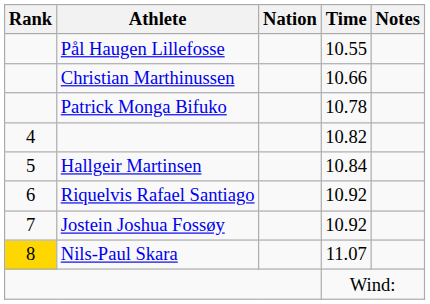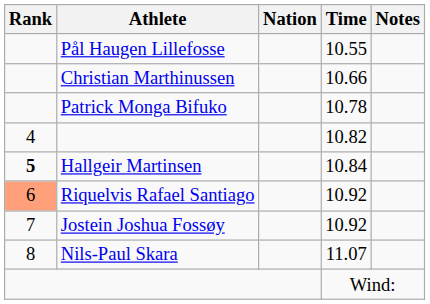 <table class="wikitable sortable" style="text-align:center;">
 <tr>
 <th scope="col" style="width: 10px;">Rank</th>
 <th scope="col">Athlete</th>
 <th scope="col">Nation</th>
 <th scope="col">Time</th>
 <th scope="col">Notes</th>
 </tr>
 <tr>
 <td></td>
 <td align=left><a href='#'>Pål Haugen Lillefosse</a></td>
 <td align=left></td>
 <td>10.55</td>
 <td></td>
 </tr>
 <tr>
 <td></td>
 <td align=left><a href='#'>Christian Marthinussen</a></td>
 <td align=left></td>
 <td>10.66</td>
 <td></td>
 </tr>
 <tr>
 <td></td>
 <td align=left><a href='#'>Patrick Monga Bifuko</a></td>
 <td align=left></td>
 <td>10.78</td>
 <td></td>
 </tr>
 <tr>
 <td>4</td>
 <td align=left></td>
 <td align=left></td>
 <td>10.82</td>
 <td></td>
 </tr>
 <tr>
-<td>5</td>
+<td><strong>5</strong></td>
 <td align=left><a href='#'>Hallgeir Martinsen</a></td>
 <td align=left></td>
 <td>10.84</td>
 <td></td>
 </tr>
 <tr>
-<td>6</td>
+<td style="background: lightsalmon;">6</td>
 <td align=left><a href='#'>Riquelvis Rafael Santiago</a></td>
 <td align=left></td>
 <td>10.92 </td>
 <td></td>
 </tr>
 <tr>
 <td>7</td>
 <td align=left><a href='#'>Jostein Joshua Fossøy</a></td>
 <td align=left></td>
 <td>10.92 </td>
 <td></td>
 </tr>
 <tr>
-<td style="background: gold;">8</td>
+<td>8</td>
 <td align=left><a href='#'>Nils-Paul Skara</a></td>
 <td align=left></td>
 <td>11.07</td>
 <td></td>
 </tr>
 <tr class="sortbottom">
 <td colspan="3"></td>
 <td colspan="2">Wind: </td>
 </tr>
 </table>
